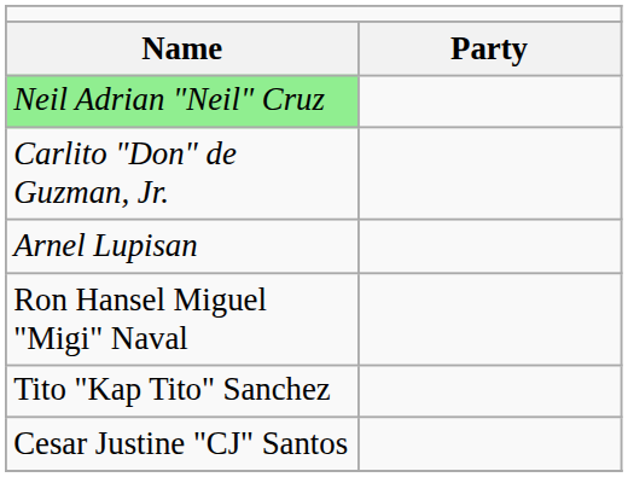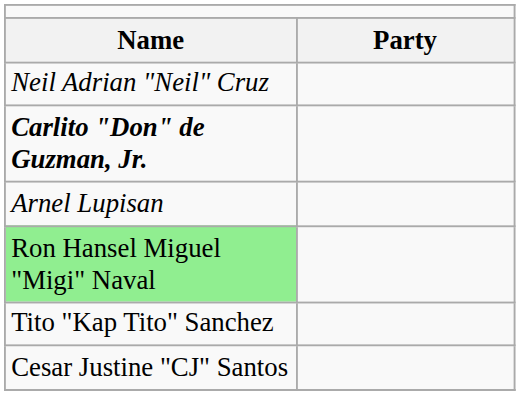 <table class=wikitable style="font-size:90%">
 <tr>
 <td colspan=4 bgcolor=></td>
 </tr>
 <tr>
 <th width=150px>Name</th>
 <th colspan=2 width=110px>Party</th>
 </tr>
 <tr>
-<td style="background: lightgreen;"><em>Neil Adrian "Neil" Cruz</em></td>
+<td><em>Neil Adrian "Neil" Cruz</em></td>
 <td></td>
 </tr>
 <tr>
-<td><em>Carlito "Don" de Guzman, Jr.</em></td>
+<td><strong><em>Carlito "Don" de Guzman, Jr.</em></strong></td>
 <td></td>
 </tr>
 <tr>
 <td><em>Arnel Lupisan</em></td>
 <td></td>
 </tr>
 <tr>
-<td>Ron Hansel Miguel "Migi" Naval</td>
+<td style="background: lightgreen;">Ron Hansel Miguel "Migi" Naval</td>
 <td></td>
 </tr>
 <tr>
 <td>Tito "Kap Tito" Sanchez</td>
 <td></td>
 </tr>
 <tr>
 <td>Cesar Justine "CJ" Santos</td>
 <td></td>
 </tr>
 <tr>
 </tr>
 </table>
